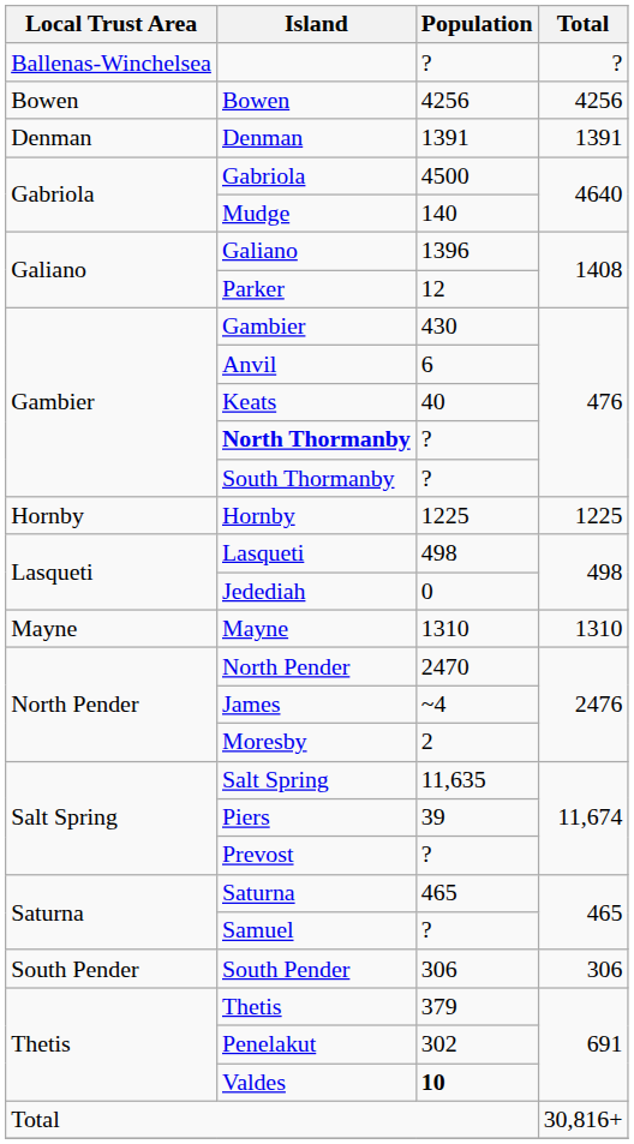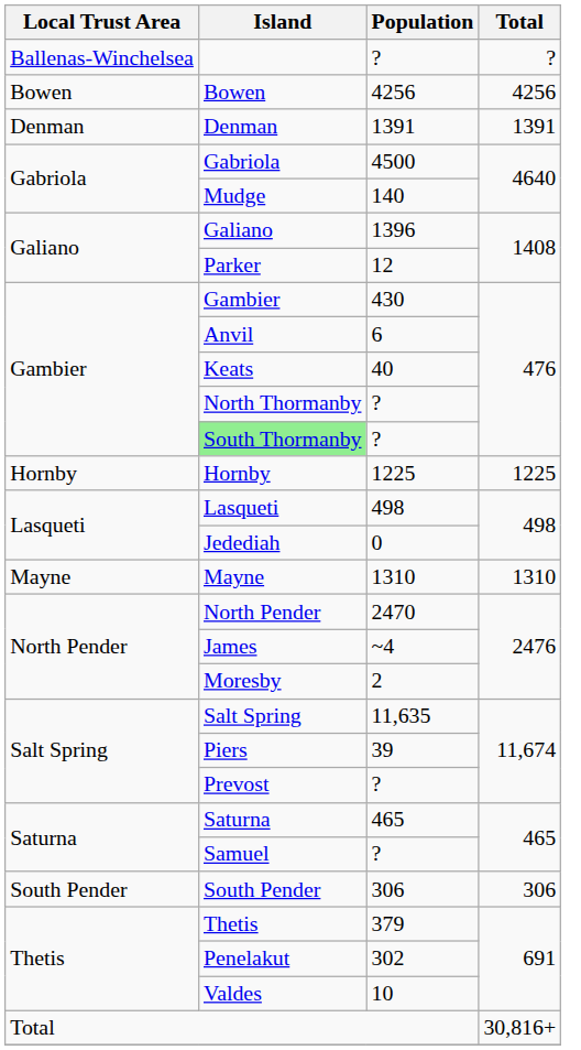 <table class="wikitable">
 <tr>
 <th>Local Trust Area</th>
 <th>Island</th>
 <th>Population</th>
 <th>Total</th>
 </tr>
 <tr>
 <td><a href='#'>Ballenas-Winchelsea</a></td>
 <td></td>
 <td>?</td>
 <td align="right">?</td>
 </tr>
 <tr>
 <td>Bowen</td>
 <td><a href='#'>Bowen</a></td>
 <td>4256</td>
 <td align="right">4256</td>
 </tr>
 <tr>
 <td>Denman</td>
 <td><a href='#'>Denman</a></td>
 <td>1391</td>
 <td align="right">1391</td>
 </tr>
 <tr>
 <td rowspan="2">Gabriola</td>
 <td><a href='#'>Gabriola</a></td>
 <td>4500</td>
 <td rowspan="2" align="right">4640</td>
 </tr>
 <tr>
 <td><a href='#'>Mudge</a></td>
 <td>140</td>
 </tr>
 <tr>
 <td rowspan="2">Galiano</td>
 <td><a href='#'> Galiano</a></td>
 <td>1396</td>
 <td rowspan="2" align="right">1408</td>
 </tr>
 <tr>
 <td><a href='#'>Parker</a></td>
 <td>12</td>
 </tr>
 <tr>
 <td rowspan="5">Gambier</td>
 <td><a href='#'>Gambier</a></td>
 <td>430</td>
 <td rowspan="5" align="right">476</td>
 </tr>
 <tr>
 <td><a href='#'>Anvil</a></td>
 <td>6</td>
 </tr>
 <tr>
 <td><a href='#'>Keats</a></td>
 <td>40</td>
 </tr>
 <tr>
-<td><strong><a href='#'>North Thormanby</a></strong></td>
+<td><a href='#'>North Thormanby</a></td>
 <td>?</td>
 </tr>
 <tr>
-<td><a href='#'>South Thormanby</a></td>
+<td style="background: lightgreen;"><a href='#'>South Thormanby</a></td>
 <td>?</td>
 </tr>
 <tr>
 <td>Hornby</td>
 <td><a href='#'>Hornby</a></td>
 <td>1225</td>
 <td align="right">1225</td>
 </tr>
 <tr>
 <td rowspan="2">Lasqueti</td>
 <td><a href='#'>Lasqueti</a></td>
 <td>498</td>
 <td rowspan="2" align="right">498</td>
 </tr>
 <tr>
 <td><a href='#'>Jedediah</a></td>
 <td>0</td>
 </tr>
 <tr>
 <td>Mayne</td>
 <td><a href='#'>Mayne</a></td>
 <td>1310</td>
 <td align="right">1310</td>
 </tr>
 <tr>
 <td rowspan="3">North Pender</td>
 <td><a href='#'>North Pender</a></td>
 <td>2470</td>
 <td rowspan="3" align="right">2476</td>
 </tr>
 <tr>
 <td><a href='#'>James</a></td>
 <td>~4</td>
 </tr>
 <tr>
 <td><a href='#'>Moresby</a></td>
 <td>2</td>
 </tr>
 <tr>
 <td rowspan="3">Salt Spring</td>
 <td><a href='#'>Salt Spring</a></td>
 <td>11,635</td>
 <td rowspan="3" align="right">11,674</td>
 </tr>
 <tr>
 <td><a href='#'>Piers</a></td>
 <td>39</td>
 </tr>
 <tr>
 <td><a href='#'>Prevost</a></td>
 <td>?</td>
 </tr>
 <tr>
 <td rowspan="2">Saturna</td>
 <td><a href='#'>Saturna</a></td>
 <td>465</td>
 <td rowspan="2" align="right">465</td>
 </tr>
 <tr>
 <td><a href='#'>Samuel</a></td>
 <td>?</td>
 </tr>
 <tr>
 <td>South Pender</td>
 <td><a href='#'>South Pender</a></td>
 <td>306</td>
 <td align="right">306</td>
 </tr>
 <tr>
 <td rowspan="3">Thetis</td>
 <td><a href='#'>Thetis</a></td>
 <td>379</td>
 <td align="right" rowspan="3">691</td>
 </tr>
 <tr>
 <td><a href='#'>Penelakut</a></td>
 <td>302</td>
 </tr>
 <tr>
 <td><a href='#'>Valdes</a></td>
-<td><strong>10</strong></td>
+<td>10</td>
 </tr>
 <tr>
 <td colspan="3">Total</td>
 <td align="right">30,816+</td>
 </tr>
 <tr>
 </tr>
 </table>
